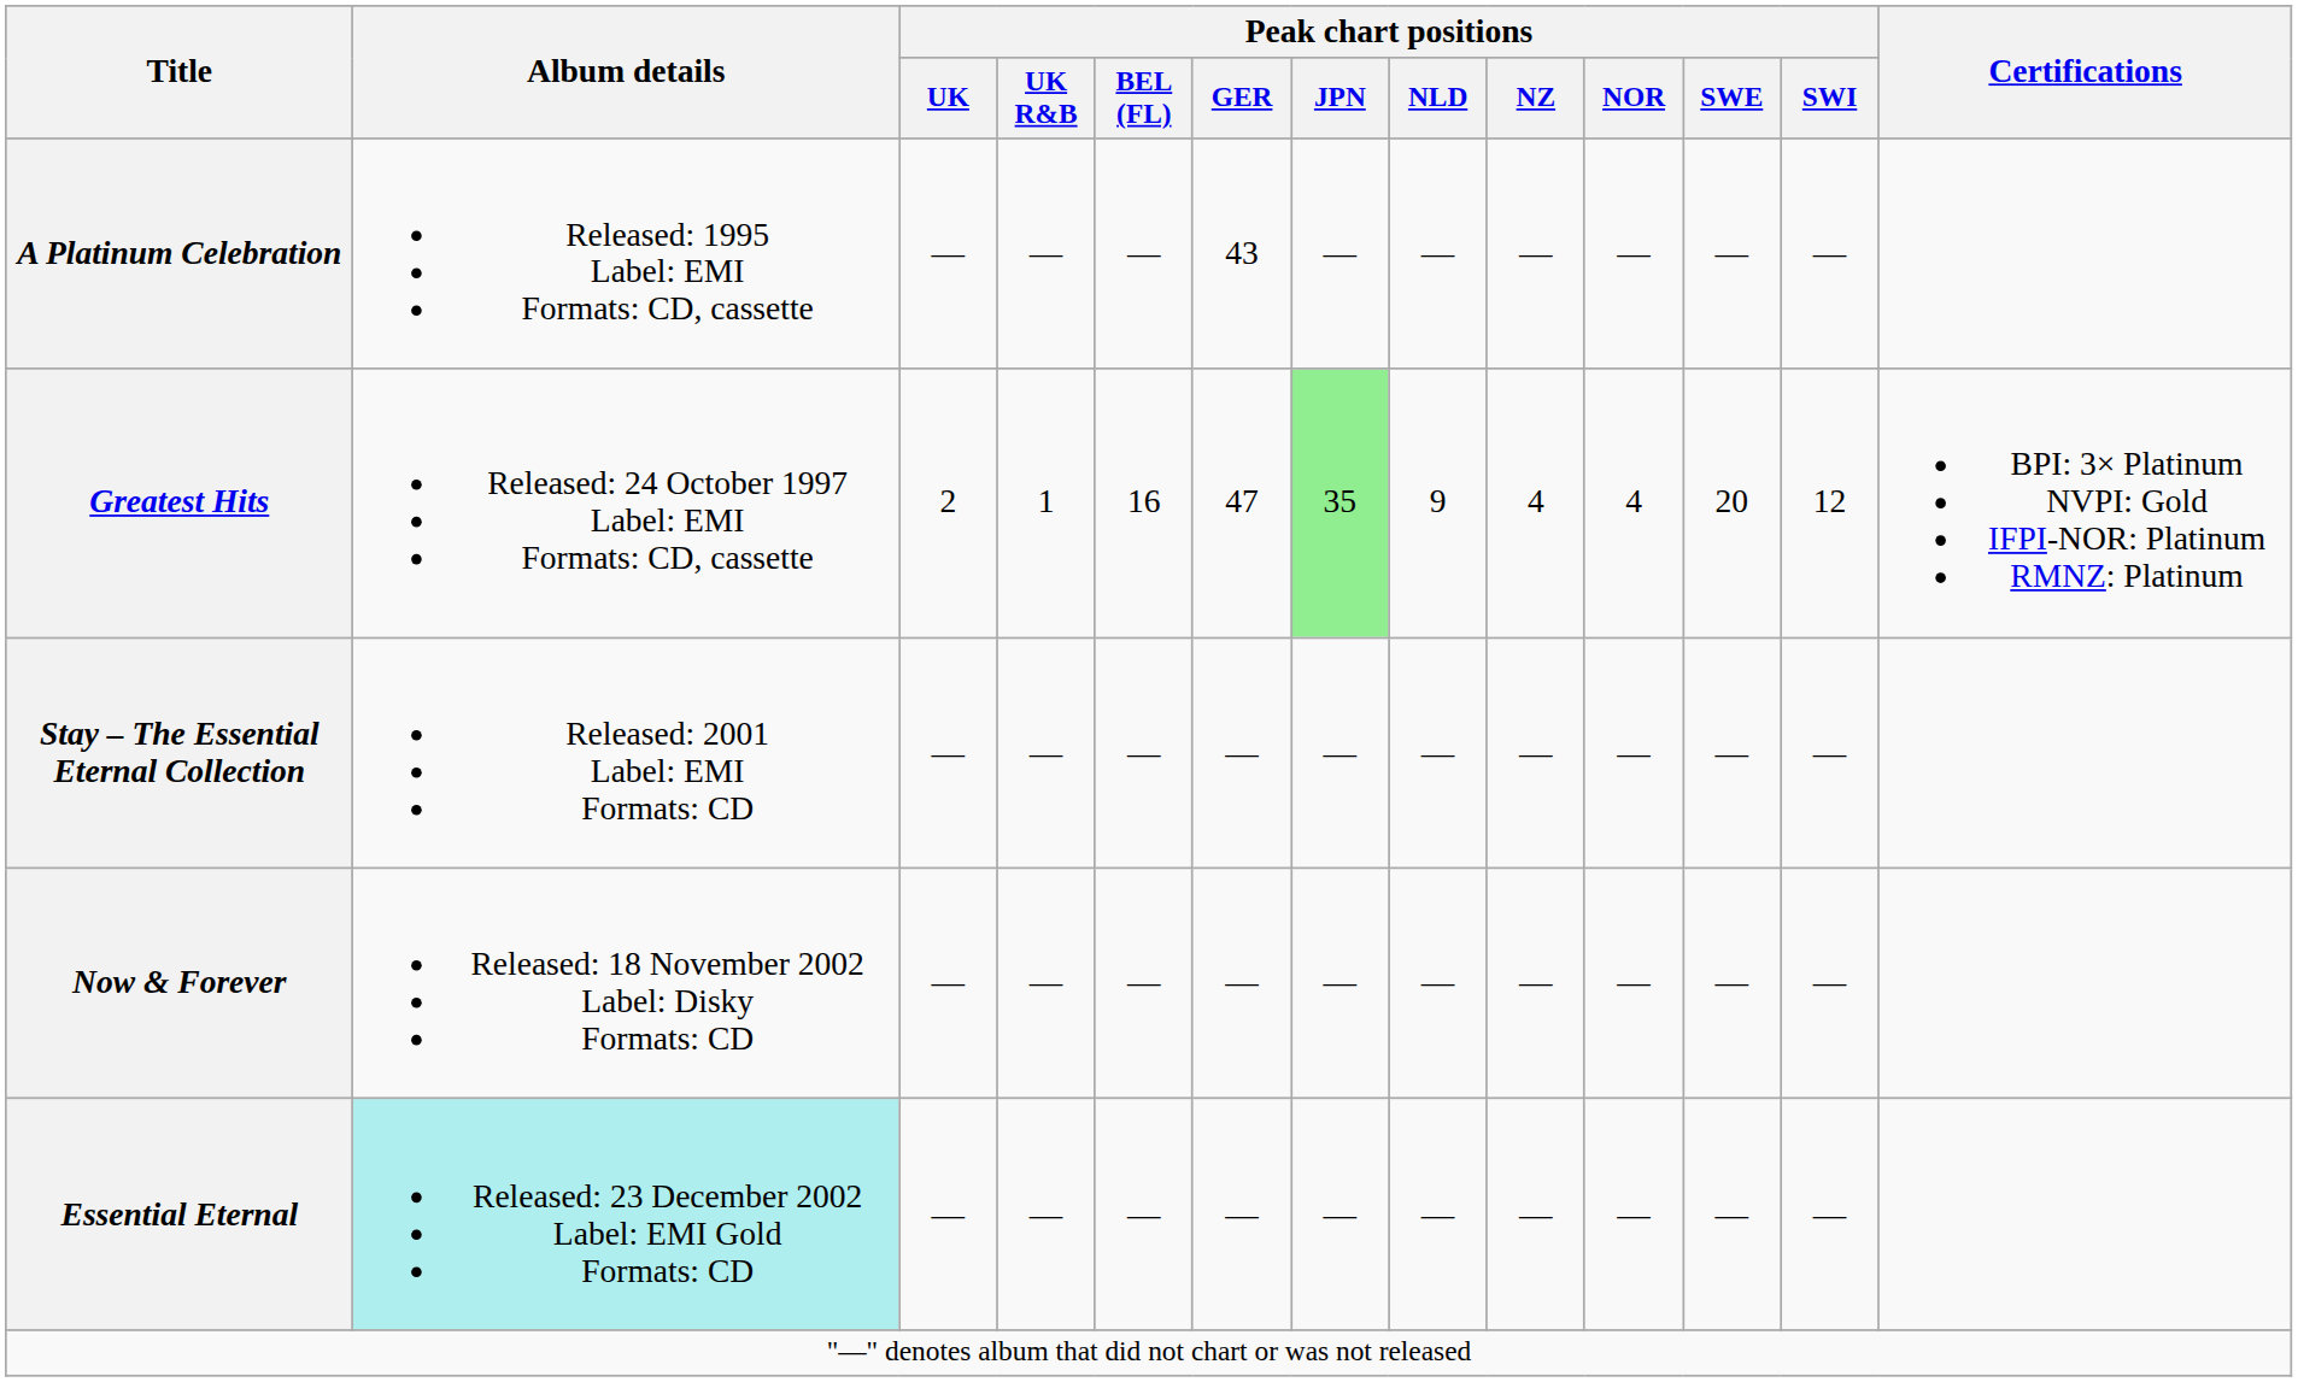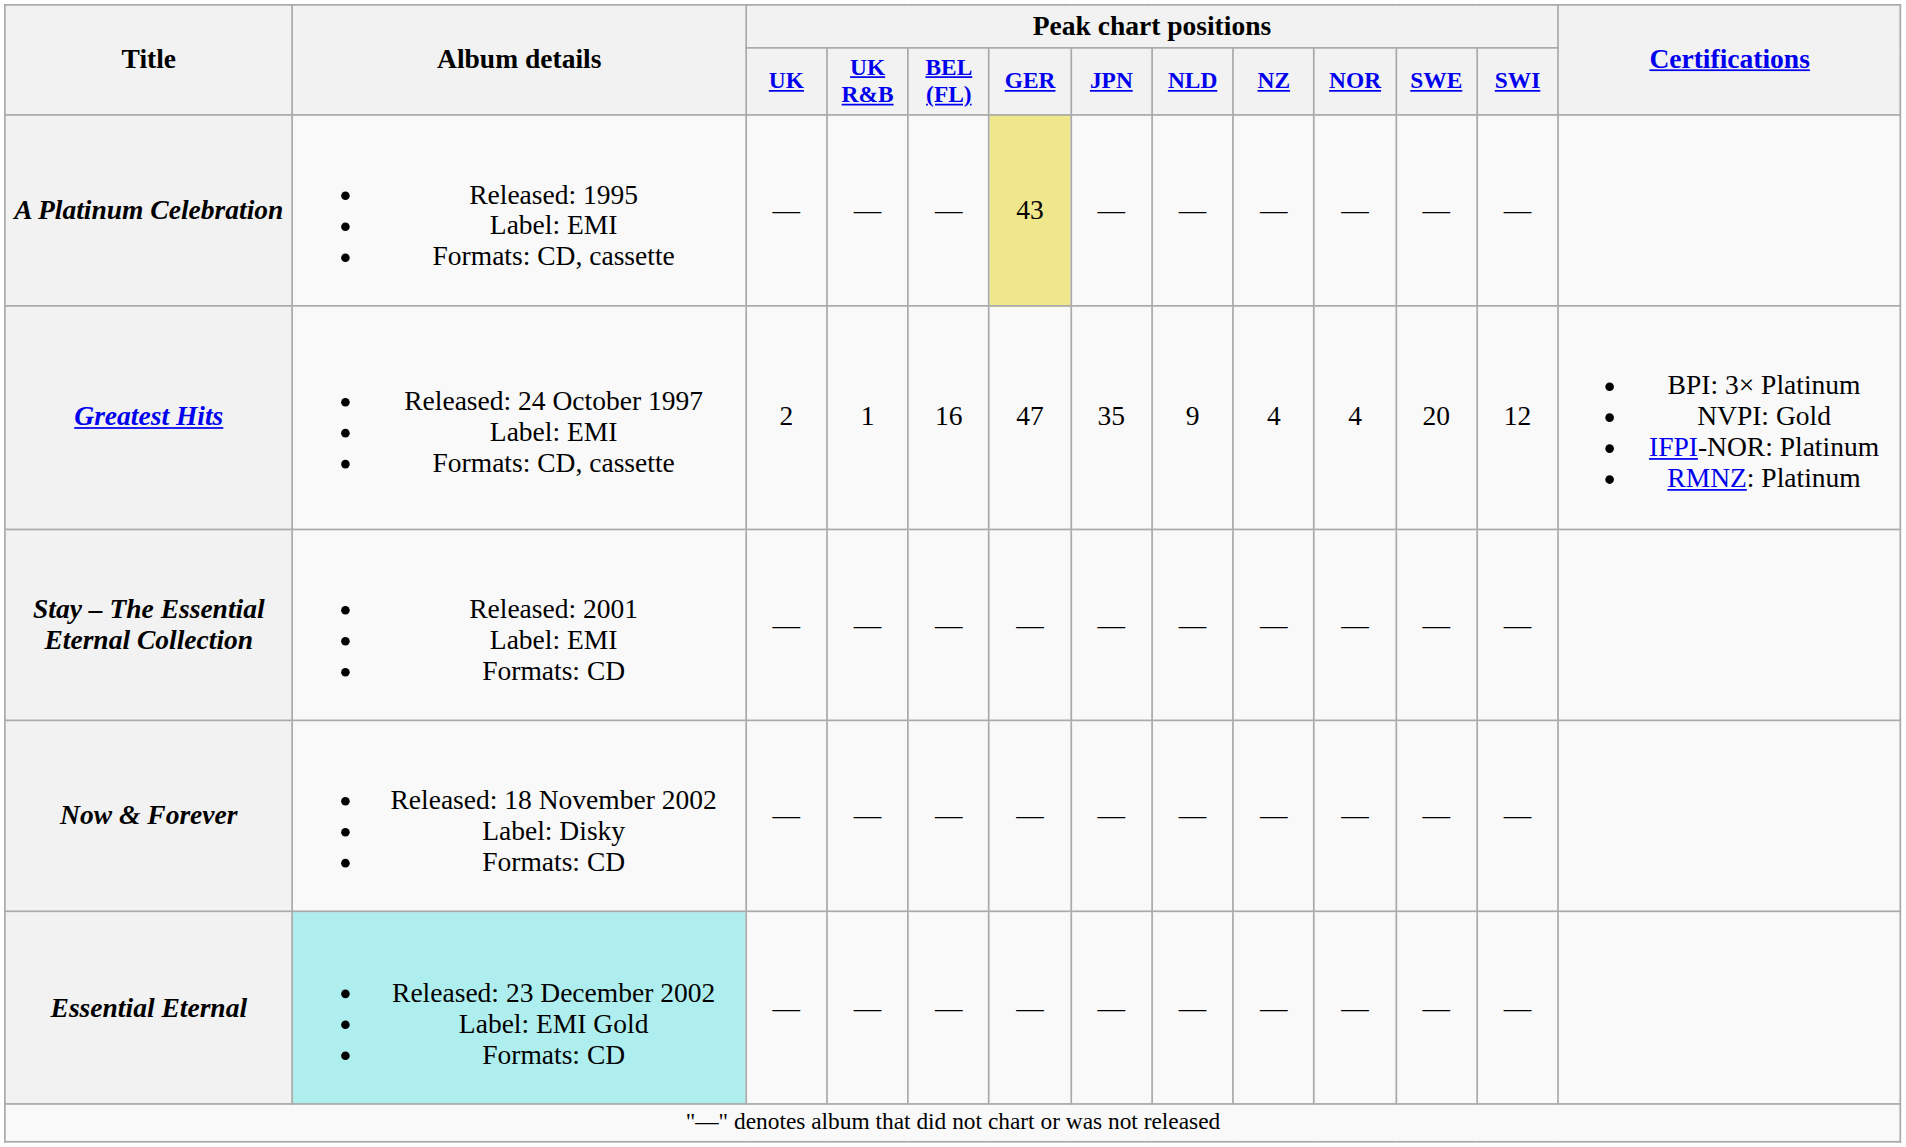 <table class="wikitable plainrowheaders" style="text-align:center;" border="1">
 <tr>
 <th scope="col" rowspan="2" style="width:10em;">Title</th>
 <th scope="col" rowspan="2" style="width:16em;">Album details</th>
 <th scope="col" colspan="10">Peak chart positions</th>
 <th scope="col" rowspan="2" style="width:12em;"><a href='#'>Certifications</a></th>
 </tr>
 <tr>
 <th scope="col" style="width:3em;font-size:85%;"><a href='#'>UK</a><br></th>
 <th scope="col" style="width:3em;font-size:85%;"><a href='#'>UK<br>R&B</a><br></th>
 <th scope="col" style="width:3em;font-size:85%;"><a href='#'>BEL (FL)</a><br></th>
 <th scope="col" style="width:3em;font-size:85%;"><a href='#'>GER</a><br></th>
 <th scope="col" style="width:3em;font-size:85%;"><a href='#'>JPN</a><br></th>
 <th scope="col" style="width:3em;font-size:85%;"><a href='#'>NLD</a><br></th>
 <th scope="col" style="width:3em;font-size:85%;"><a href='#'>NZ</a><br></th>
 <th scope="col" style="width:3em;font-size:85%;"><a href='#'>NOR</a><br></th>
 <th scope="col" style="width:3em;font-size:85%;"><a href='#'>SWE</a><br></th>
 <th scope="col" style="width:3em;font-size:85%;"><a href='#'>SWI</a><br></th>
 </tr>
 <tr>
 <th scope="row"><em>A Platinum Celebration</em></th>
 <td><br><ul><li>Released: 1995</li><li>Label: EMI</li><li>Formats: CD, cassette</li></ul></td>
 <td>—</td>
 <td>—</td>
 <td>—</td>
-<td>43</td>
+<td style="background: khaki;">43</td>
 <td>—</td>
 <td>—</td>
 <td>—</td>
 <td>—</td>
 <td>—</td>
 <td>—</td>
 <td></td>
 </tr>
 <tr>
 <th scope="row"><em><a href='#'>Greatest Hits</a></em></th>
 <td><br><ul><li>Released: 24 October 1997</li><li>Label: EMI</li><li>Formats: CD, cassette</li></ul></td>
 <td>2</td>
 <td>1</td>
 <td>16</td>
 <td>47</td>
-<td style="background: lightgreen;">35</td>
+<td>35</td>
 <td>9</td>
 <td>4</td>
 <td>4</td>
 <td>20</td>
 <td>12</td>
 <td><br><ul><li>BPI: 3× Platinum</li><li>NVPI: Gold</li><li><a href='#'>IFPI</a>-NOR: Platinum</li><li><a href='#'>RMNZ</a>: Platinum</li></ul></td>
 </tr>
 <tr>
 <th scope="row"><em>Stay – The Essential Eternal Collection</em></th>
 <td><br><ul><li>Released: 2001</li><li>Label: EMI</li><li>Formats: CD</li></ul></td>
 <td>—</td>
 <td>—</td>
 <td>—</td>
 <td>—</td>
 <td>—</td>
 <td>—</td>
 <td>—</td>
 <td>—</td>
 <td>—</td>
 <td>—</td>
 <td></td>
 </tr>
 <tr>
 <th scope="row"><em>Now & Forever</em></th>
 <td><br><ul><li>Released: 18 November 2002</li><li>Label: Disky</li><li>Formats: CD</li></ul></td>
 <td>—</td>
 <td>—</td>
 <td>—</td>
 <td>—</td>
 <td>—</td>
 <td>—</td>
 <td>—</td>
 <td>—</td>
 <td>—</td>
 <td>—</td>
 <td></td>
 </tr>
 <tr>
 <th scope="row"><em>Essential Eternal</em></th>
 <td style="background: paleturquoise;"><br><ul><li>Released: 23 December 2002</li><li>Label: EMI Gold</li><li>Formats: CD</li></ul></td>
 <td>—</td>
 <td>—</td>
 <td>—</td>
 <td>—</td>
 <td>—</td>
 <td>—</td>
 <td>—</td>
 <td>—</td>
 <td>—</td>
 <td>—</td>
 <td></td>
 </tr>
 <tr>
 <td colspan="14" style="font-size: 85%">"—" denotes album that did not chart or was not released</td>
 </tr>
 </table>
